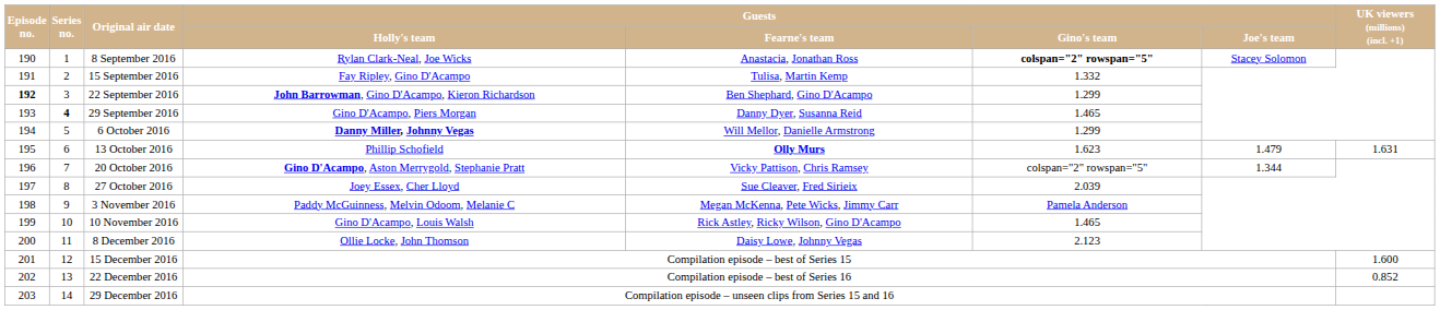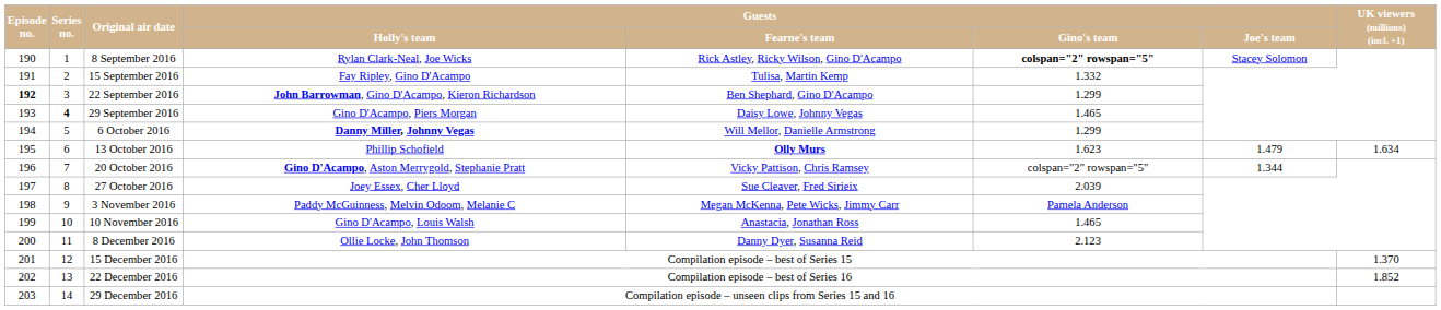 <table class="wikitable" style="width:100%; background:#fff; text-align:center;">
 <tr style="color:White" #008000;>
 <th rowspan="2" style="background:tan; width:20px;">Episode<br>no.</th>
 <th rowspan="2" style="background:tan; width:20px;">Series<br>no.</th>
 <th rowspan="2" style="background:tan; width:130px;">Original air date</th>
 <th colspan="4" style="background:tan;">Guests</th>
 <th rowspan="2" style="background:tan; width:130px;">UK viewers <small>(millions)</small><br><small>(incl. +1)</small></th>
 </tr>
 <tr style="color:White">
 <th style="background:tan;">Holly's team</th>
 <th style="background:tan;">Fearne's team</th>
 <th style="background:tan;">Gino's team</th>
 <th style="background:tan;">Joe's team</th>
 </tr>
 <tr>
 <td>190</td>
 <td>1</td>
 <td>8 September 2016</td>
 <td><a href='#'>Rylan Clark-Neal</a>, <a href='#'>Joe Wicks</a></td>
-<td><a href='#'>Anastacia</a>, <a href='#'>Jonathan Ross</a></td>
+<td><a href='#'>Rick Astley</a>, <a href='#'>Ricky Wilson</a>, <a href='#'>Gino D'Acampo</a></td>
 <td><strong>colspan="2" rowspan="5" </strong></td>
 <td><a href='#'>Stacey Solomon</a></td>
 </tr>
 <tr>
 <td>191</td>
 <td>2</td>
 <td>15 September 2016</td>
 <td><a href='#'>Fay Ripley</a>, <a href='#'>Gino D'Acampo</a></td>
 <td><a href='#'>Tulisa</a>, <a href='#'>Martin Kemp</a></td>
 <td>1.332</td>
 </tr>
 <tr>
 <td><strong>192</strong></td>
 <td>3</td>
 <td>22 September 2016</td>
 <td><strong><a href='#'>John Barrowman</a></strong>, <a href='#'>Gino D'Acampo</a>, <a href='#'>Kieron Richardson</a></td>
 <td><a href='#'>Ben Shephard</a>, <a href='#'>Gino D'Acampo</a></td>
 <td>1.299</td>
 </tr>
 <tr>
 <td>193</td>
 <td><strong>4</strong></td>
 <td>29 September 2016</td>
 <td><a href='#'>Gino D'Acampo</a>, <a href='#'>Piers Morgan</a></td>
-<td><a href='#'>Danny Dyer</a>, <a href='#'>Susanna Reid</a></td>
+<td><a href='#'>Daisy Lowe</a>, <a href='#'>Johnny Vegas</a></td>
 <td>1.465</td>
 </tr>
 <tr>
 <td>194</td>
 <td>5</td>
 <td>6 October 2016</td>
 <td><strong><a href='#'>Danny Miller</a>, <a href='#'>Johnny Vegas</a></strong></td>
 <td><a href='#'>Will Mellor</a>, <a href='#'>Danielle Armstrong</a></td>
 <td>1.299</td>
 </tr>
 <tr>
 <td>195</td>
 <td>6</td>
 <td>13 October 2016</td>
 <td><a href='#'>Phillip Schofield</a></td>
 <td><strong><a href='#'>Olly Murs</a></strong></td>
 <td>1.623</td>
 <td>1.479</td>
-<td>1.631</td>
+<td>1.634</td>
 </tr>
 <tr>
 <td>196</td>
 <td>7</td>
 <td>20 October 2016</td>
 <td><strong><a href='#'>Gino D'Acampo</a></strong>, <a href='#'>Aston Merrygold</a>, <a href='#'>Stephanie Pratt</a></td>
 <td><a href='#'>Vicky Pattison</a>, <a href='#'>Chris Ramsey</a></td>
 <td>colspan="2" rowspan="5" </td>
 <td>1.344</td>
 </tr>
 <tr>
 <td>197</td>
 <td>8</td>
 <td>27 October 2016</td>
 <td><a href='#'>Joey Essex</a>, <a href='#'>Cher Lloyd</a></td>
 <td><a href='#'>Sue Cleaver</a>, <a href='#'>Fred Sirieix</a></td>
 <td>2.039</td>
 </tr>
 <tr>
 <td>198</td>
 <td>9</td>
 <td>3 November 2016</td>
 <td><a href='#'>Paddy McGuinness</a>, <a href='#'>Melvin Odoom</a>, <a href='#'>Melanie C</a></td>
 <td><a href='#'>Megan McKenna</a>, <a href='#'>Pete Wicks</a>, <a href='#'>Jimmy Carr</a></td>
 <td><a href='#'>Pamela Anderson</a></td>
 </tr>
 <tr>
 <td>199</td>
 <td>10</td>
 <td>10 November 2016</td>
 <td><a href='#'>Gino D'Acampo</a>, <a href='#'>Louis Walsh</a></td>
-<td><a href='#'>Rick Astley</a>, <a href='#'>Ricky Wilson</a>, <a href='#'>Gino D'Acampo</a></td>
+<td><a href='#'>Anastacia</a>, <a href='#'>Jonathan Ross</a></td>
 <td>1.465</td>
 </tr>
 <tr>
 <td>200</td>
 <td>11</td>
 <td>8 December 2016</td>
 <td><a href='#'>Ollie Locke</a>, <a href='#'>John Thomson</a></td>
-<td><a href='#'>Daisy Lowe</a>, <a href='#'>Johnny Vegas</a></td>
+<td><a href='#'>Danny Dyer</a>, <a href='#'>Susanna Reid</a></td>
 <td>2.123</td>
 </tr>
 <tr>
 <td>201</td>
 <td>12</td>
 <td>15 December 2016</td>
 <td colspan="4">Compilation episode – best of Series 15</td>
-<td>1.600</td>
+<td>1.370</td>
 </tr>
 <tr>
 <td>202</td>
 <td>13</td>
 <td>22 December 2016</td>
 <td colspan="4">Compilation episode – best of Series 16</td>
-<td>0.852</td>
+<td>1.852</td>
 </tr>
 <tr>
 <td>203</td>
 <td>14</td>
 <td>29 December 2016</td>
 <td colspan="4">Compilation episode – unseen clips from Series 15 and 16</td>
 <td></td>
 </tr>
 </table>
